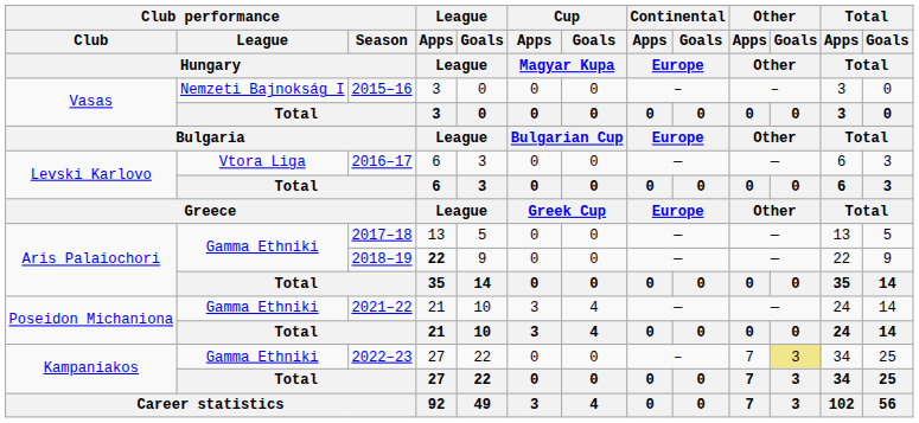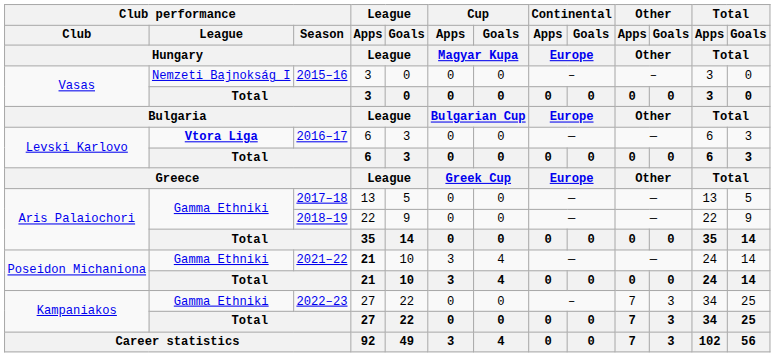 <table class="wikitable" style="font-size:90%; text-align: center">
 <tr>
 <th colspan="3">Club performance</th>
 <th colspan="2">League</th>
 <th colspan="2">Cup</th>
 <th colspan="2">Continental</th>
 <th colspan="2">Other</th>
 <th colspan="3">Total</th>
 </tr>
 <tr>
 <th>Club</th>
 <th>League</th>
 <th>Season</th>
 <th>Apps</th>
 <th>Goals</th>
 <th>Apps</th>
 <th>Goals</th>
 <th>Apps</th>
 <th>Goals</th>
 <th>Apps</th>
 <th>Goals</th>
 <th>Apps</th>
 <th>Goals</th>
 </tr>
 <tr>
 <th colspan="3">Hungary</th>
 <th colspan="2">League</th>
 <th colspan="2"><a href='#'>Magyar Kupa</a></th>
 <th colspan="2"><a href='#'>Europe</a></th>
 <th colspan="2">Other</th>
 <th colspan="2">Total</th>
 </tr>
 <tr>
 <td rowspan="2" valign="center"><a href='#'>Vasas</a></td>
 <td rowspan="1"><a href='#'>Nemzeti Bajnokság I</a></td>
 <td><a href='#'>2015–16</a></td>
 <td>3</td>
 <td>0</td>
 <td>0</td>
 <td>0</td>
 <td colspan="2">–</td>
 <td colspan="2">–</td>
 <td>3</td>
 <td>0</td>
 </tr>
 <tr>
 <th colspan=2>Total</th>
 <th>3</th>
 <th>0</th>
 <th>0</th>
 <th>0</th>
 <th>0</th>
 <th>0</th>
 <th>0</th>
 <th>0</th>
 <th>3</th>
 <th>0</th>
 </tr>
 <tr>
 <th colspan="3">Bulgaria</th>
 <th colspan="2">League</th>
 <th colspan="2"><a href='#'>Bulgarian Cup</a></th>
 <th colspan="2"><a href='#'>Europe</a></th>
 <th colspan="2">Other</th>
 <th colspan="2">Total</th>
 </tr>
 <tr>
 <td rowspan="2" valign="center"><a href='#'>Levski Karlovo</a></td>
-<td rowspan="1"><a href='#'>Vtora Liga</a></td>
+<td rowspan="1"><strong><a href='#'>Vtora Liga</a></strong></td>
 <td><a href='#'>2016–17</a></td>
 <td>6</td>
 <td>3</td>
 <td>0</td>
 <td>0</td>
 <td colspan="2">—</td>
 <td colspan="2">—</td>
 <td>6</td>
 <td>3</td>
 </tr>
 <tr>
 <th colspan=2>Total</th>
 <th>6</th>
 <th>3</th>
 <th>0</th>
 <th>0</th>
 <th>0</th>
 <th>0</th>
 <th>0</th>
 <th>0</th>
 <th>6</th>
 <th>3</th>
 </tr>
 <tr>
 <th colspan="3">Greece</th>
 <th colspan="2">League</th>
 <th colspan="2"><a href='#'>Greek Cup</a></th>
 <th colspan="2"><a href='#'>Europe</a></th>
 <th colspan="2">Other</th>
 <th colspan="2">Total</th>
 </tr>
 <tr>
 <td rowspan="3" valign="center"><a href='#'>Aris Palaiochori</a></td>
 <td rowspan="2"><a href='#'>Gamma Ethniki</a></td>
 <td><a href='#'>2017–18</a></td>
 <td>13</td>
 <td>5</td>
 <td>0</td>
 <td>0</td>
 <td colspan="2">—</td>
 <td colspan="2">—</td>
 <td>13</td>
 <td>5</td>
 </tr>
 <tr>
 <td><a href='#'>2018–19</a></td>
-<td><strong>22</strong></td>
+<td>22</td>
 <td>9</td>
 <td>0</td>
 <td>0</td>
 <td colspan="2">—</td>
 <td colspan="2">—</td>
 <td>22</td>
 <td>9</td>
 </tr>
 <tr>
 <th colspan=2>Total</th>
 <th>35</th>
 <th>14</th>
 <th>0</th>
 <th>0</th>
 <th>0</th>
 <th>0</th>
 <th>0</th>
 <th>0</th>
 <th>35</th>
 <th>14</th>
 </tr>
 <tr>
 <td rowspan="2" valign="center"><a href='#'>Poseidon Michaniona</a></td>
 <td rowspan="1"><a href='#'>Gamma Ethniki</a></td>
 <td><a href='#'>2021–22</a></td>
-<td>21</td>
+<td><strong>21</strong></td>
 <td>10</td>
 <td>3</td>
 <td>4</td>
 <td colspan="2">—</td>
 <td colspan="2">—</td>
 <td>24</td>
 <td>14</td>
 </tr>
 <tr>
 <th colspan=2>Total</th>
 <th>21</th>
 <th>10</th>
 <th>3</th>
 <th>4</th>
 <th>0</th>
 <th>0</th>
 <th>0</th>
 <th>0</th>
 <th>24</th>
 <th>14</th>
 </tr>
 <tr>
 <td rowspan="2" valign="center"><a href='#'>Kampaniakos</a></td>
 <td rowspan="1"><a href='#'>Gamma Ethniki</a></td>
 <td><a href='#'>2022–23</a></td>
 <td>27</td>
 <td>22</td>
 <td>0</td>
 <td>0</td>
 <td colspan="2">–</td>
 <td>7</td>
-<td style="background: khaki;">3</td>
+<td>3</td>
 <td>34</td>
 <td>25</td>
 </tr>
 <tr>
 <th colspan=2>Total</th>
 <th>27</th>
 <th>22</th>
 <th>0</th>
 <th>0</th>
 <th>0</th>
 <th>0</th>
 <th>7</th>
 <th>3</th>
 <th>34</th>
 <th>25</th>
 </tr>
 <tr>
 <th colspan="3">Career statistics</th>
 <th>92</th>
 <th>49</th>
 <th>3</th>
 <th>4</th>
 <th>0</th>
 <th>0</th>
 <th>7</th>
 <th>3</th>
 <th>102</th>
 <th>56</th>
 </tr>
 </table>
